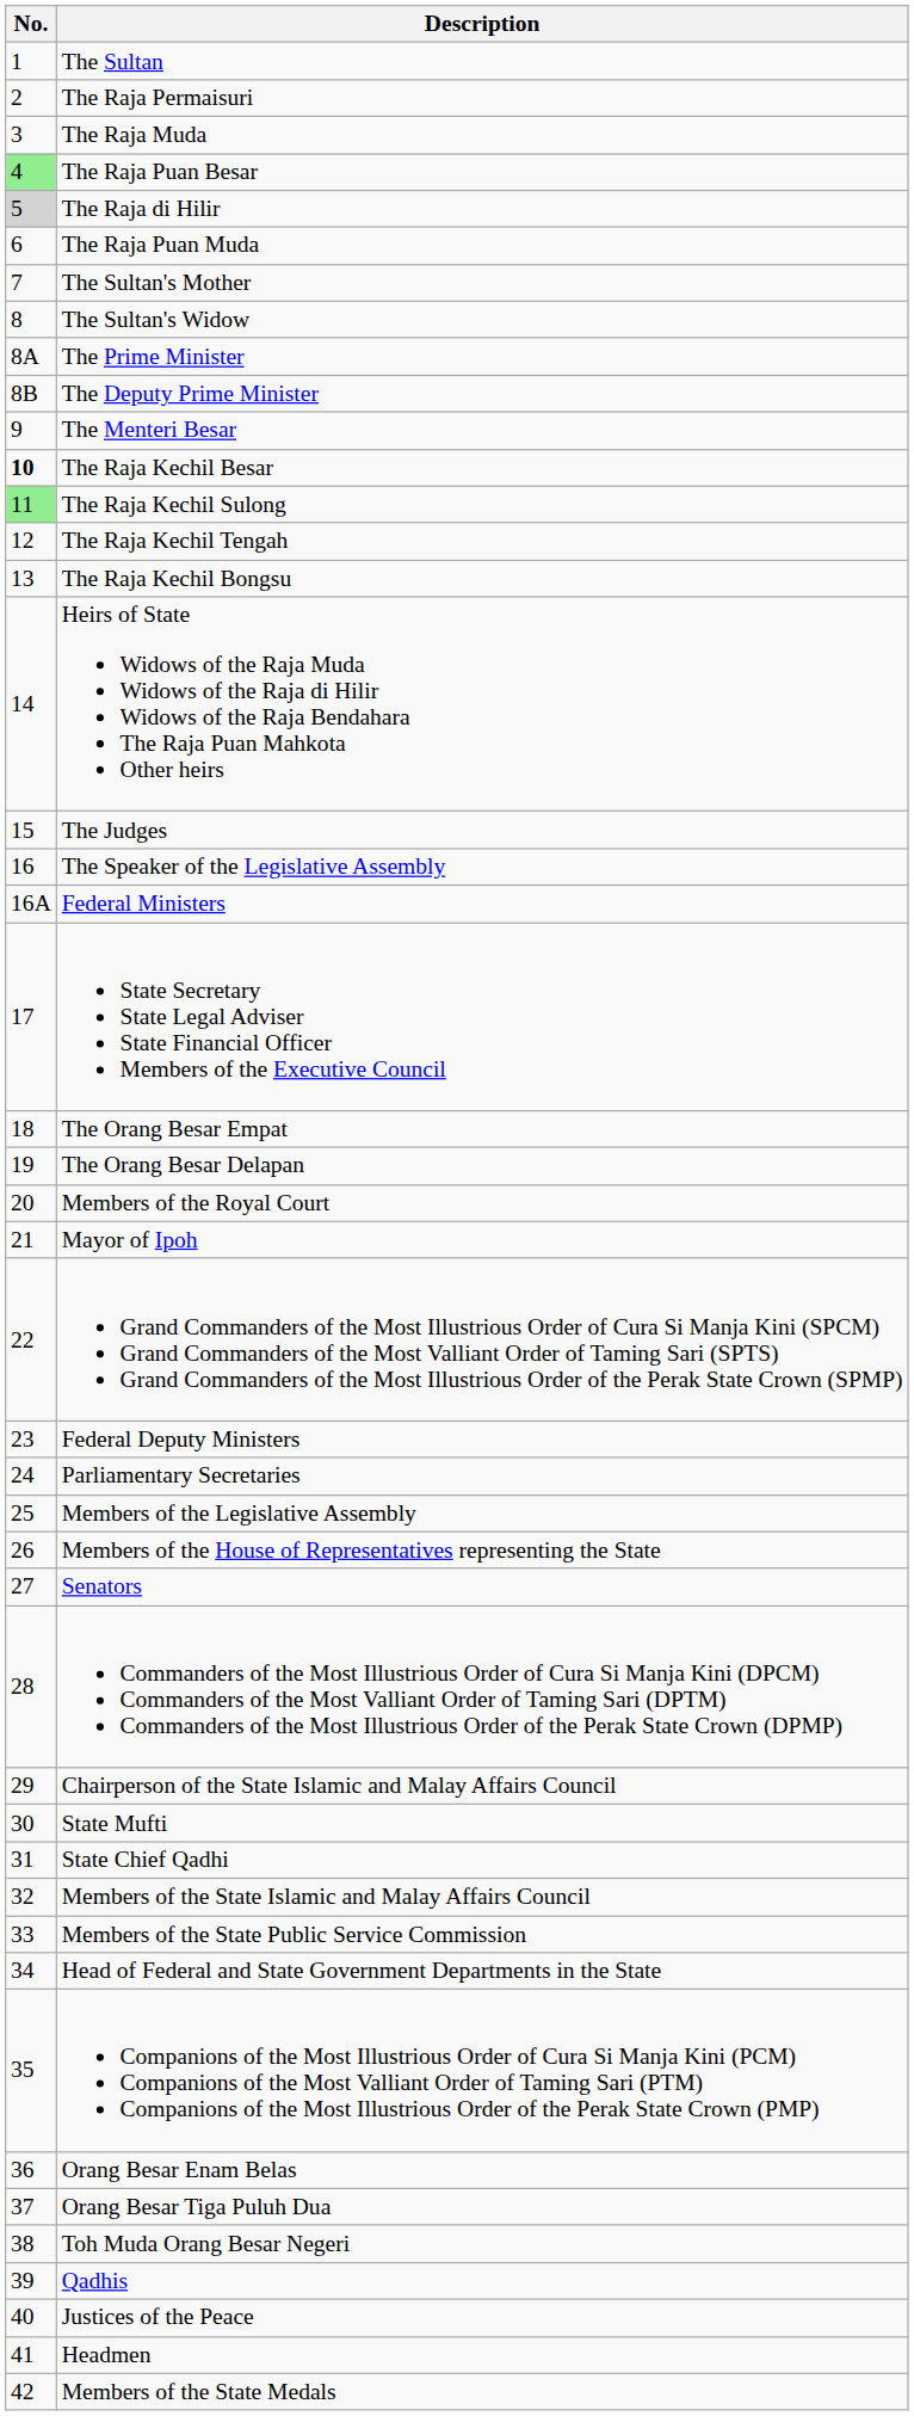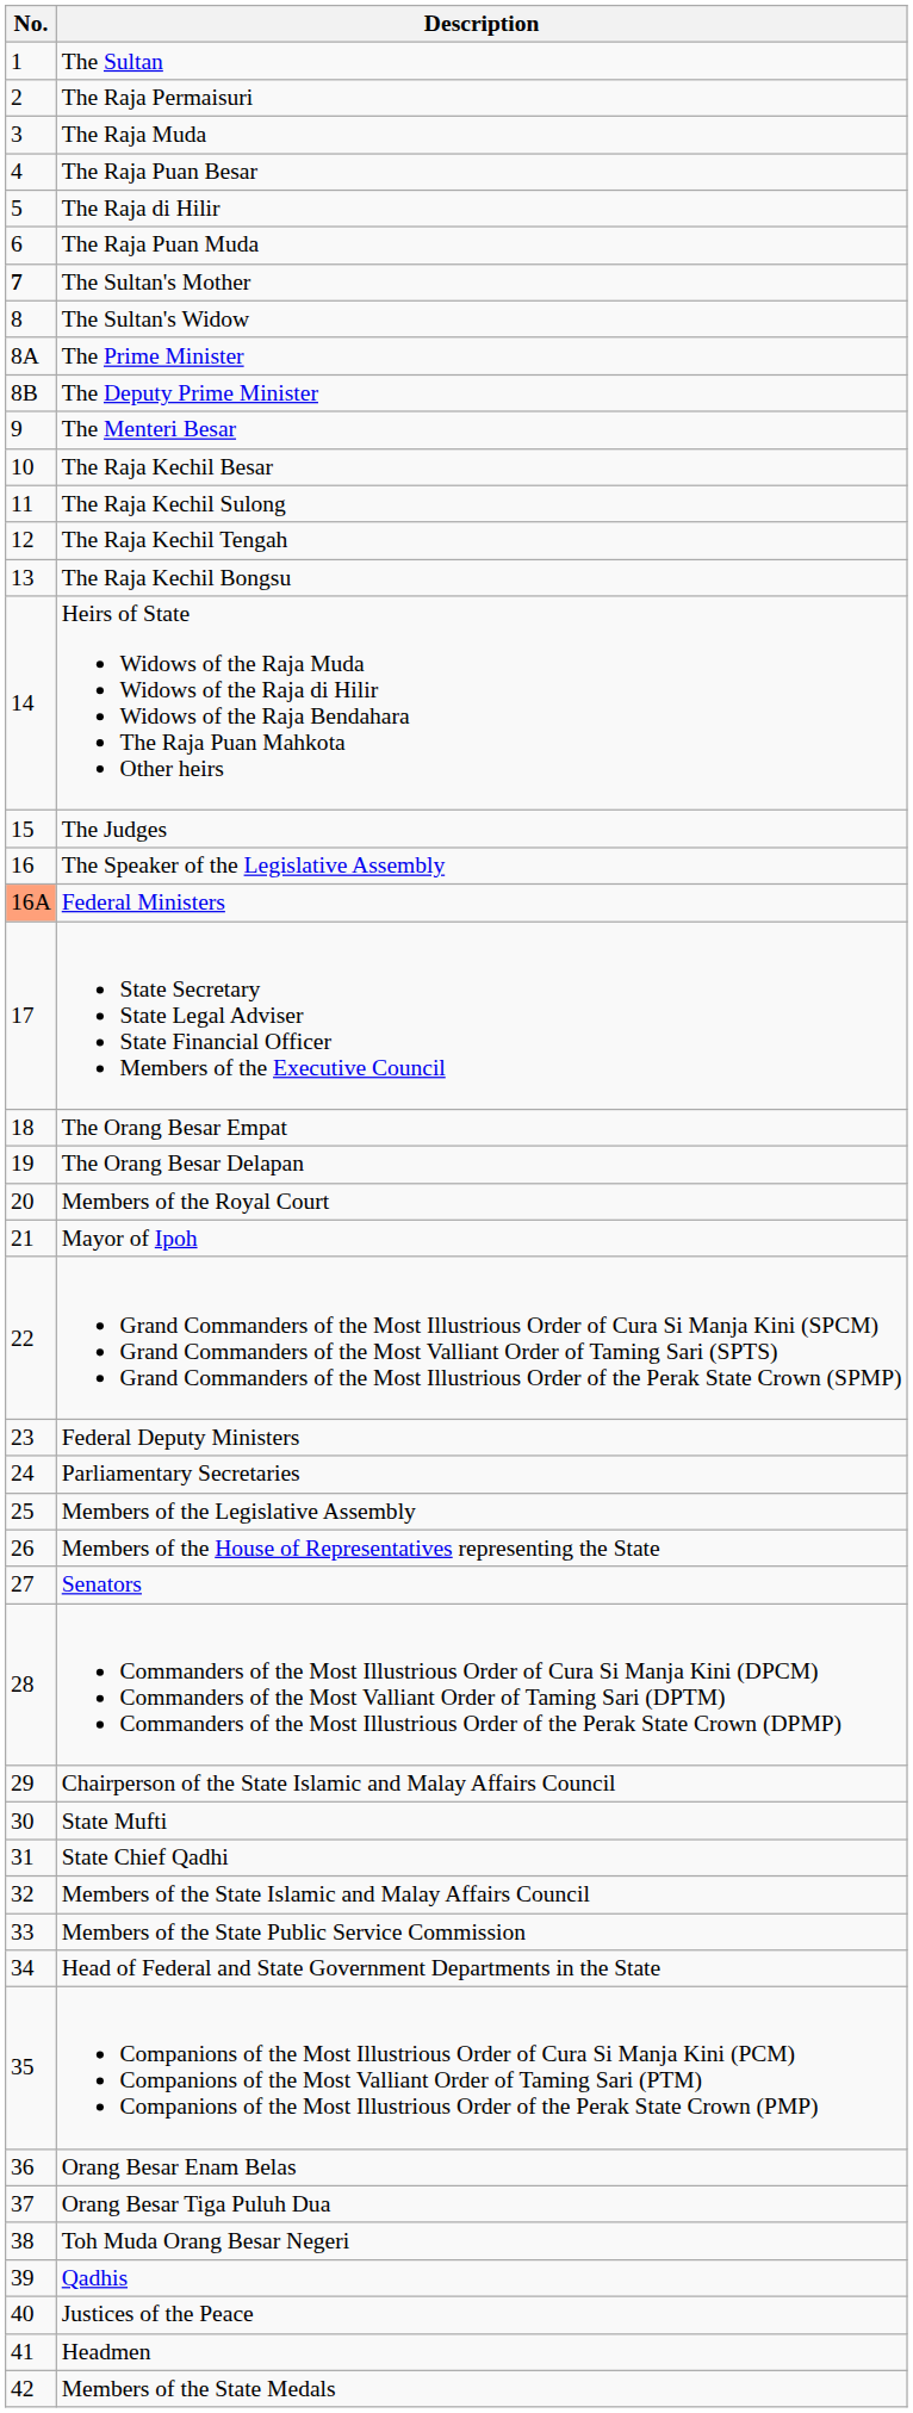 <table class="wikitable">
 <tr>
 <th>No.</th>
 <th>Description</th>
 </tr>
 <tr>
 <td>1</td>
 <td>The <a href='#'>Sultan</a></td>
 </tr>
 <tr>
 <td>2</td>
 <td>The Raja Permaisuri</td>
 </tr>
 <tr>
 <td>3</td>
 <td>The Raja Muda</td>
 </tr>
 <tr>
-<td style="background: lightgreen;">4</td>
+<td>4</td>
 <td>The Raja Puan Besar</td>
 </tr>
 <tr>
-<td style="background: lightgrey;">5</td>
+<td>5</td>
 <td>The Raja di Hilir</td>
 </tr>
 <tr>
 <td>6</td>
 <td>The Raja Puan Muda</td>
 </tr>
 <tr>
-<td>7</td>
+<td><strong>7</strong></td>
 <td>The Sultan's Mother</td>
 </tr>
 <tr>
 <td>8</td>
 <td>The Sultan's Widow</td>
 </tr>
 <tr>
 <td>8A</td>
 <td>The <a href='#'>Prime Minister</a></td>
 </tr>
 <tr>
 <td>8B</td>
 <td>The <a href='#'>Deputy Prime Minister</a></td>
 </tr>
 <tr>
 <td>9</td>
 <td>The <a href='#'>Menteri Besar</a></td>
 </tr>
 <tr>
-<td><strong>10</strong></td>
+<td>10</td>
 <td>The Raja Kechil Besar</td>
 </tr>
 <tr>
-<td style="background: lightgreen;">11</td>
+<td>11</td>
 <td>The Raja Kechil Sulong</td>
 </tr>
 <tr>
 <td>12</td>
 <td>The Raja Kechil Tengah</td>
 </tr>
 <tr>
 <td>13</td>
 <td>The Raja Kechil Bongsu</td>
 </tr>
 <tr>
 <td>14</td>
 <td>Heirs of State<br><ul><li>Widows of the Raja Muda</li><li>Widows of the Raja di Hilir</li><li>Widows of the Raja Bendahara</li><li>The Raja Puan Mahkota</li><li>Other heirs</li></ul></td>
 </tr>
 <tr>
 <td>15</td>
 <td>The Judges</td>
 </tr>
 <tr>
 <td>16</td>
 <td>The Speaker of the <a href='#'>Legislative Assembly</a></td>
 </tr>
 <tr>
-<td>16A</td>
+<td style="background: lightsalmon;">16A</td>
 <td><a href='#'>Federal Ministers</a></td>
 </tr>
 <tr>
 <td>17</td>
 <td><br><ul><li>State Secretary</li><li>State Legal Adviser</li><li>State Financial Officer</li><li>Members of the <a href='#'>Executive Council</a></li></ul></td>
 </tr>
 <tr>
 <td>18</td>
 <td>The Orang Besar Empat</td>
 </tr>
 <tr>
 <td>19</td>
 <td>The Orang Besar Delapan</td>
 </tr>
 <tr>
 <td>20</td>
 <td>Members of the Royal Court</td>
 </tr>
 <tr>
 <td>21</td>
 <td>Mayor of <a href='#'>Ipoh</a></td>
 </tr>
 <tr>
 <td>22</td>
 <td><br><ul><li>Grand Commanders of the Most Illustrious Order of Cura Si Manja Kini (SPCM)</li><li>Grand Commanders of the Most Valliant Order of Taming Sari (SPTS)</li><li>Grand Commanders of the Most Illustrious Order of the Perak State Crown (SPMP)</li></ul></td>
 </tr>
 <tr>
 <td>23</td>
 <td>Federal Deputy Ministers</td>
 </tr>
 <tr>
 <td>24</td>
 <td>Parliamentary Secretaries</td>
 </tr>
 <tr>
 <td>25</td>
 <td>Members of the Legislative Assembly</td>
 </tr>
 <tr>
 <td>26</td>
 <td>Members of the <a href='#'>House of Representatives</a> representing the State</td>
 </tr>
 <tr>
 <td>27</td>
 <td><a href='#'>Senators</a></td>
 </tr>
 <tr>
 <td>28</td>
 <td><br><ul><li>Commanders of the Most Illustrious Order of Cura Si Manja Kini (DPCM)</li><li>Commanders of the Most Valliant Order of Taming Sari (DPTM)</li><li>Commanders of the Most Illustrious Order of the Perak State Crown (DPMP)</li></ul></td>
 </tr>
 <tr>
 <td>29</td>
 <td>Chairperson of the State Islamic and Malay Affairs Council</td>
 </tr>
 <tr>
 <td>30</td>
 <td>State Mufti</td>
 </tr>
 <tr>
 <td>31</td>
 <td>State Chief Qadhi</td>
 </tr>
 <tr>
 <td>32</td>
 <td>Members of the State Islamic and Malay Affairs Council</td>
 </tr>
 <tr>
 <td>33</td>
 <td>Members of the State Public Service Commission</td>
 </tr>
 <tr>
 <td>34</td>
 <td>Head of Federal and State Government Departments in the State</td>
 </tr>
 <tr>
 <td>35</td>
 <td><br><ul><li>Companions of the Most Illustrious Order of Cura Si Manja Kini (PCM)</li><li>Companions of the Most Valliant Order of Taming Sari (PTM)</li><li>Companions of the Most Illustrious Order of the Perak State Crown (PMP)</li></ul></td>
 </tr>
 <tr>
 <td>36</td>
 <td>Orang Besar Enam Belas</td>
 </tr>
 <tr>
 <td>37</td>
 <td>Orang Besar Tiga Puluh Dua</td>
 </tr>
 <tr>
 <td>38</td>
 <td>Toh Muda Orang Besar Negeri</td>
 </tr>
 <tr>
 <td>39</td>
 <td><a href='#'>Qadhis</a></td>
 </tr>
 <tr>
 <td>40</td>
 <td>Justices of the Peace</td>
 </tr>
 <tr>
 <td>41</td>
 <td>Headmen</td>
 </tr>
 <tr>
 <td>42</td>
 <td>Members of the State Medals</td>
 </tr>
 </table>
